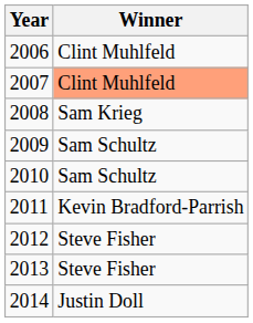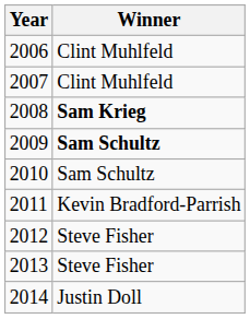 <table class="wikitable">
 <tr>
 <th>Year</th>
 <th>Winner</th>
 </tr>
 <tr>
 <td>2006</td>
 <td>Clint Muhlfeld</td>
 </tr>
 <tr>
 <td>2007</td>
-<td style="background: lightsalmon;">Clint Muhlfeld</td>
+<td>Clint Muhlfeld</td>
 </tr>
 <tr>
 <td>2008</td>
-<td>Sam Krieg</td>
+<td><strong>Sam Krieg</strong></td>
 </tr>
 <tr>
 <td>2009</td>
-<td>Sam Schultz</td>
+<td><strong>Sam Schultz</strong></td>
 </tr>
 <tr>
 <td>2010</td>
 <td>Sam Schultz</td>
 </tr>
 <tr>
 <td>2011</td>
 <td>Kevin Bradford-Parrish</td>
 </tr>
 <tr>
 <td>2012</td>
 <td>Steve Fisher</td>
 </tr>
 <tr>
 <td>2013</td>
 <td>Steve Fisher</td>
 </tr>
 <tr>
 <td>2014</td>
 <td>Justin Doll</td>
 </tr>
 </table>
